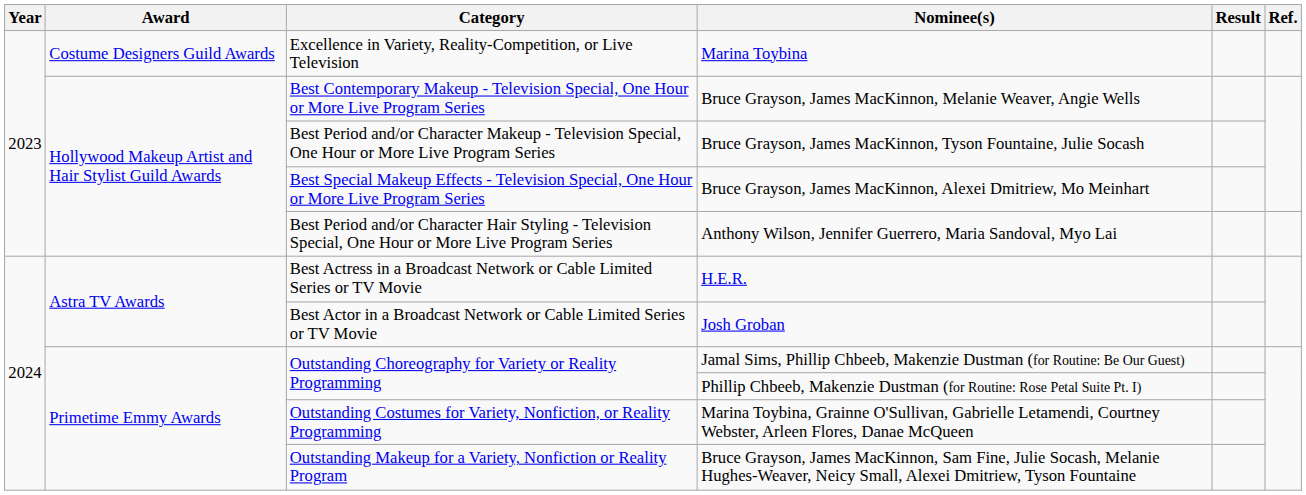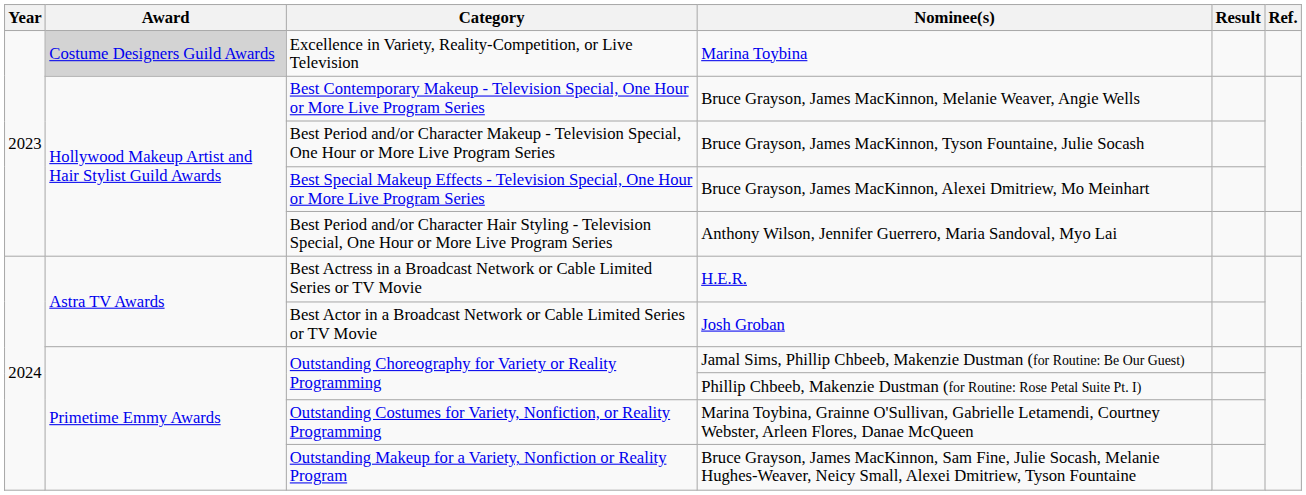 <table class="wikitable">
 <tr>
 <th>Year</th>
 <th>Award</th>
 <th>Category</th>
 <th>Nominee(s)</th>
 <th>Result</th>
 <th>Ref.</th>
 </tr>
 <tr>
 <td rowspan="5">2023</td>
-<td><a href='#'>Costume Designers Guild Awards</a></td>
+<td style="background: lightgrey;"><a href='#'>Costume Designers Guild Awards</a></td>
 <td>Excellence in Variety, Reality-Competition, or Live Television</td>
 <td><a href='#'>Marina Toybina</a></td>
 <td></td>
 <td style="text-align:center;"></td>
 </tr>
 <tr>
 <td rowspan="4"><a href='#'>Hollywood Makeup Artist and Hair Stylist Guild Awards</a></td>
 <td><a href='#'>Best Contemporary Makeup - Television Special, One Hour or More Live Program Series</a></td>
 <td>Bruce Grayson, James MacKinnon, Melanie Weaver, Angie Wells</td>
 <td></td>
 <td rowspan="3" style="text-align:center;"></td>
 </tr>
 <tr>
 <td>Best Period and/or Character Makeup - Television Special, One Hour or More Live Program Series</td>
 <td>Bruce Grayson, James MacKinnon, Tyson Fountaine, Julie Socash</td>
 <td></td>
 </tr>
 <tr>
 <td><a href='#'>Best Special Makeup Effects - Television Special, One Hour or More Live Program Series</a></td>
 <td>Bruce Grayson, James MacKinnon, Alexei Dmitriew, Mo Meinhart</td>
 <td></td>
 </tr>
 <tr>
 <td>Best Period and/or Character Hair Styling - Television Special, One Hour or More Live Program Series</td>
 <td>Anthony Wilson, Jennifer Guerrero, Maria Sandoval, Myo Lai</td>
 <td></td>
 <td style="text-align:center;"></td>
 </tr>
 <tr>
 <td rowspan="6">2024</td>
 <td rowspan="2"><a href='#'>Astra TV Awards</a></td>
 <td>Best Actress in a Broadcast Network or Cable Limited Series or TV Movie</td>
 <td><a href='#'>H.E.R.</a></td>
 <td></td>
 <td rowspan="2" style="text-align:center;"></td>
 </tr>
 <tr>
 <td>Best Actor in a Broadcast Network or Cable Limited Series or TV Movie</td>
 <td><a href='#'>Josh Groban</a></td>
 <td></td>
 </tr>
 <tr>
 <td rowspan="4"><a href='#'>Primetime Emmy Awards</a></td>
 <td rowspan="2"><a href='#'>Outstanding Choreography for Variety or Reality Programming</a></td>
 <td>Jamal Sims, Phillip Chbeeb, Makenzie Dustman (<small>for Routine: Be Our Guest)</small></td>
 <td></td>
 <td rowspan="4" style="text-align:center;"></td>
 </tr>
 <tr>
 <td>Phillip Chbeeb, Makenzie Dustman (<small>for Routine: Rose Petal Suite Pt. I)</small></td>
 <td></td>
 </tr>
 <tr>
 <td><a href='#'>Outstanding Costumes for Variety, Nonfiction, or Reality Programming</a></td>
 <td>Marina Toybina, Grainne O'Sullivan, Gabrielle Letamendi, Courtney Webster, Arleen Flores, Danae McQueen</td>
 <td></td>
 </tr>
 <tr>
 <td><a href='#'>Outstanding Makeup for a Variety, Nonfiction or Reality Program</a></td>
 <td>Bruce Grayson, James MacKinnon, Sam Fine, Julie Socash, Melanie Hughes-Weaver, Neicy Small, Alexei Dmitriew, Tyson Fountaine</td>
 <td></td>
 </tr>
 </table>
